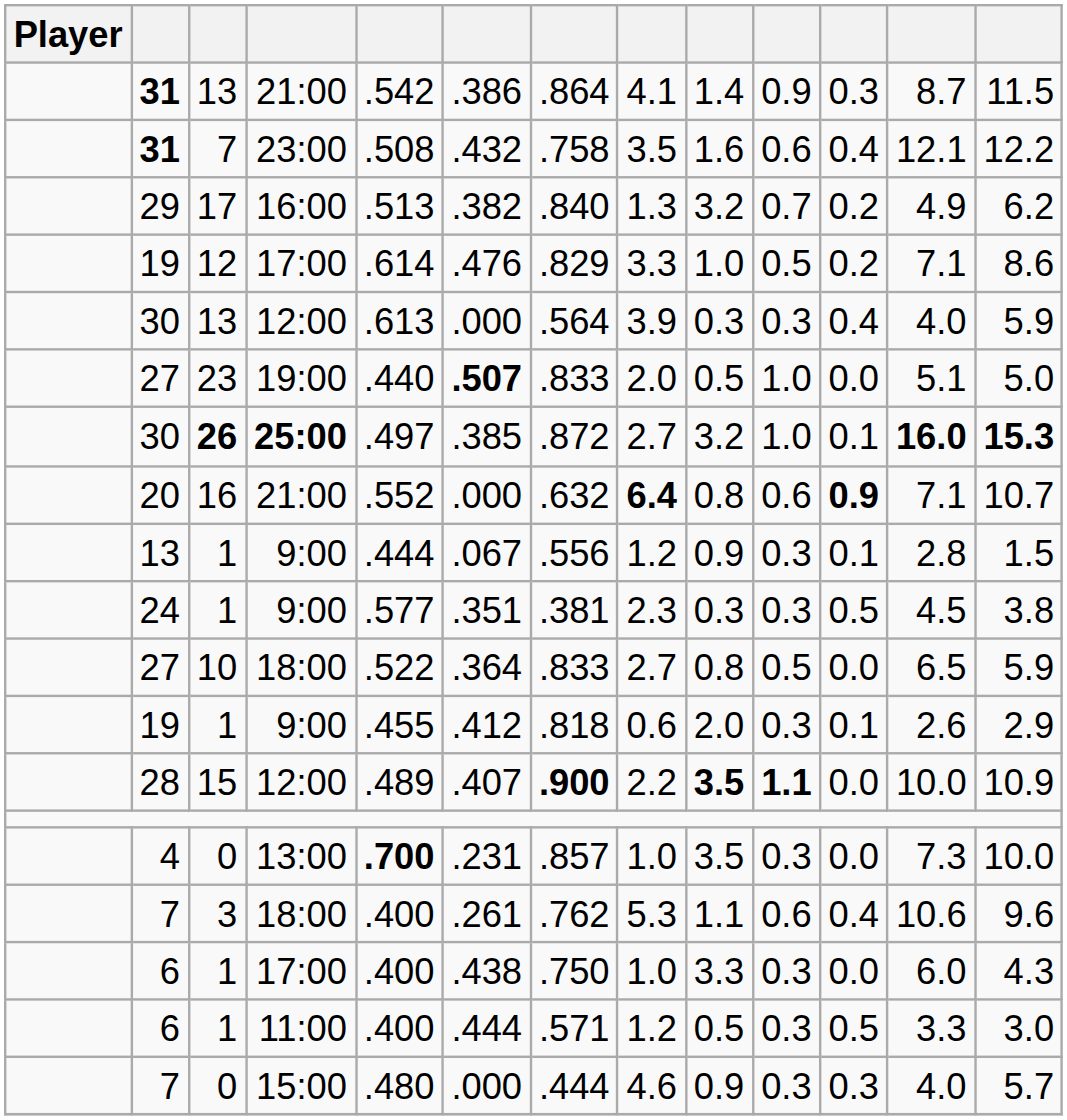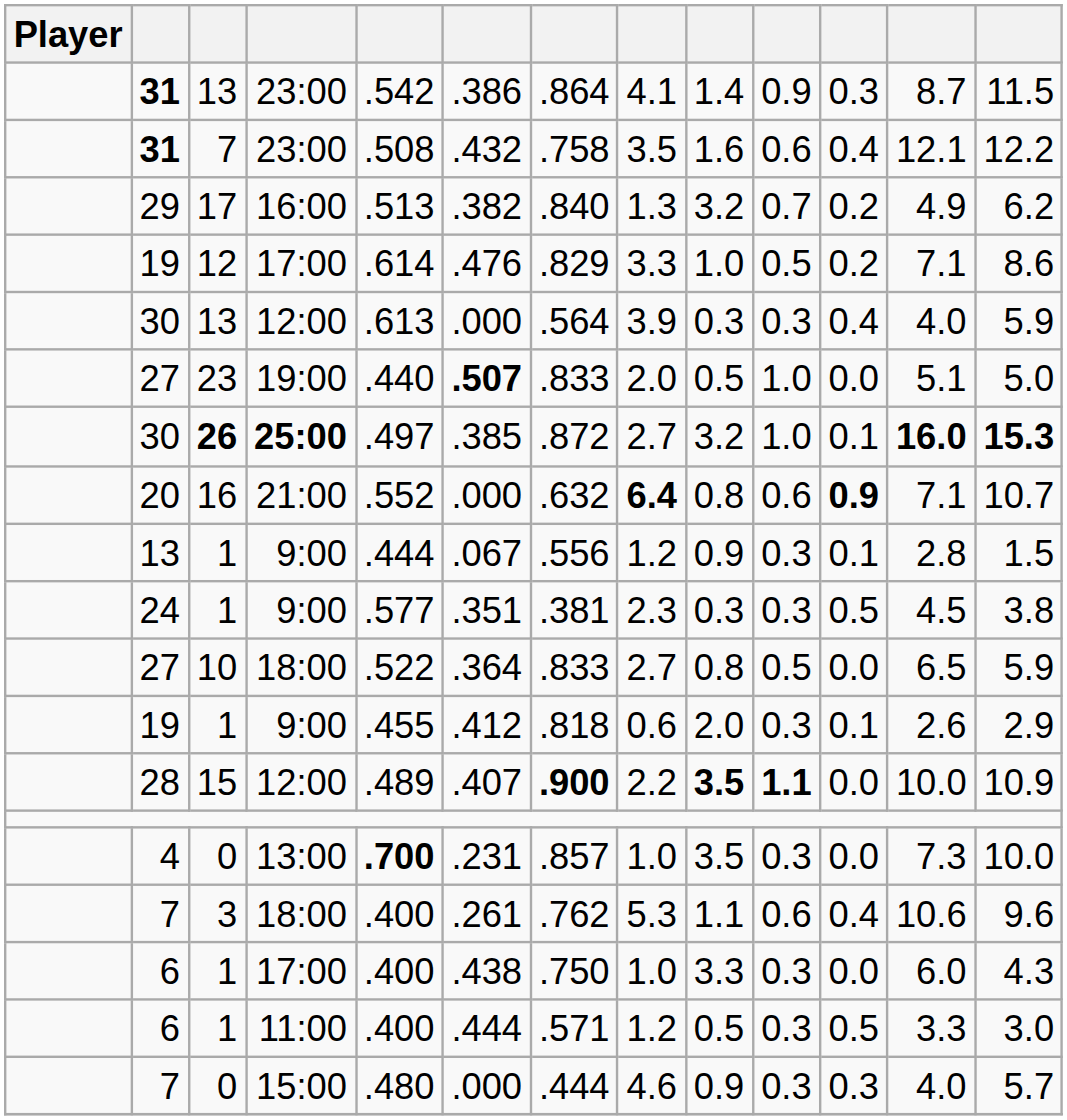 <table class="wikitable sortable" style="font-size:95%; text-align:right;">
 <tr>
 <th>Player</th>
 <th></th>
 <th></th>
 <th></th>
 <th></th>
 <th></th>
 <th></th>
 <th></th>
 <th></th>
 <th></th>
 <th></th>
 <th></th>
 <th></th>
 </tr>
 <tr>
 <td><strong></strong></td>
 <td><strong>31</strong></td>
 <td>13</td>
-<td>21:00</td>
+<td>23:00</td>
 <td>.542</td>
 <td>.386</td>
 <td>.864</td>
 <td>4.1</td>
 <td>1.4</td>
 <td>0.9</td>
 <td>0.3</td>
 <td>8.7</td>
 <td>11.5</td>
 </tr>
 <tr>
 <td><strong></strong></td>
 <td><strong>31</strong></td>
 <td>7</td>
 <td>23:00</td>
 <td>.508</td>
 <td>.432</td>
 <td>.758</td>
 <td>3.5</td>
 <td>1.6</td>
 <td>0.6</td>
 <td>0.4</td>
 <td>12.1</td>
 <td>12.2</td>
 </tr>
 <tr>
 <td><strong></strong></td>
 <td>29</td>
 <td>17</td>
 <td>16:00</td>
 <td>.513</td>
 <td>.382</td>
 <td>.840</td>
 <td>1.3</td>
 <td>3.2</td>
 <td>0.7</td>
 <td>0.2</td>
 <td>4.9</td>
 <td>6.2</td>
 </tr>
 <tr>
 <td><strong></strong></td>
 <td>19</td>
 <td>12</td>
 <td>17:00</td>
 <td>.614</td>
 <td>.476</td>
 <td>.829</td>
 <td>3.3</td>
 <td>1.0</td>
 <td>0.5</td>
 <td>0.2</td>
 <td>7.1</td>
 <td>8.6</td>
 </tr>
 <tr>
 <td><strong></strong></td>
 <td>30</td>
 <td>13</td>
 <td>12:00</td>
 <td>.613</td>
 <td>.000</td>
 <td>.564</td>
 <td>3.9</td>
 <td>0.3</td>
 <td>0.3</td>
 <td>0.4</td>
 <td>4.0</td>
 <td>5.9</td>
 </tr>
 <tr>
 <td><strong></strong></td>
 <td>27</td>
 <td>23</td>
 <td>19:00</td>
 <td>.440</td>
 <td><strong>.507</strong></td>
 <td>.833</td>
 <td>2.0</td>
 <td>0.5</td>
 <td>1.0</td>
 <td>0.0</td>
 <td>5.1</td>
 <td>5.0</td>
 </tr>
 <tr>
 <td><strong></strong></td>
 <td>30</td>
 <td><strong>26</strong></td>
 <td><strong>25:00</strong></td>
 <td>.497</td>
 <td>.385</td>
 <td>.872</td>
 <td>2.7</td>
 <td>3.2</td>
 <td>1.0</td>
 <td>0.1</td>
 <td><strong>16.0</strong></td>
 <td><strong>15.3</strong></td>
 </tr>
 <tr>
 <td><strong></strong></td>
 <td>20</td>
 <td>16</td>
 <td>21:00</td>
 <td>.552</td>
 <td>.000</td>
 <td>.632</td>
 <td><strong>6.4</strong></td>
 <td>0.8</td>
 <td>0.6</td>
 <td><strong>0.9</strong></td>
 <td>7.1</td>
 <td>10.7</td>
 </tr>
 <tr>
 <td><strong></strong></td>
 <td>13</td>
 <td>1</td>
 <td>9:00</td>
 <td>.444</td>
 <td>.067</td>
 <td>.556</td>
 <td>1.2</td>
 <td>0.9</td>
 <td>0.3</td>
 <td>0.1</td>
 <td>2.8</td>
 <td>1.5</td>
 </tr>
 <tr>
 <td><strong></strong></td>
 <td>24</td>
 <td>1</td>
 <td>9:00</td>
 <td>.577</td>
 <td>.351</td>
 <td>.381</td>
 <td>2.3</td>
 <td>0.3</td>
 <td>0.3</td>
 <td>0.5</td>
 <td>4.5</td>
 <td>3.8</td>
 </tr>
 <tr>
 <td><strong></strong></td>
 <td>27</td>
 <td>10</td>
 <td>18:00</td>
 <td>.522</td>
 <td>.364</td>
 <td>.833</td>
 <td>2.7</td>
 <td>0.8</td>
 <td>0.5</td>
 <td>0.0</td>
 <td>6.5</td>
 <td>5.9</td>
 </tr>
 <tr>
 <td><strong></strong></td>
 <td>19</td>
 <td>1</td>
 <td>9:00</td>
 <td>.455</td>
 <td>.412</td>
 <td>.818</td>
 <td>0.6</td>
 <td>2.0</td>
 <td>0.3</td>
 <td>0.1</td>
 <td>2.6</td>
 <td>2.9</td>
 </tr>
 <tr>
 <td><strong></strong></td>
 <td>28</td>
 <td>15</td>
 <td>12:00</td>
 <td>.489</td>
 <td>.407</td>
 <td><strong>.900</strong></td>
 <td>2.2</td>
 <td><strong>3.5</strong></td>
 <td><strong>1.1</strong></td>
 <td>0.0</td>
 <td>10.0</td>
 <td>10.9</td>
 </tr>
 <tr class="sortbottom">
 <td colspan=13></td>
 </tr>
 <tr>
 <td><em></em></td>
 <td>4</td>
 <td>0</td>
 <td>13:00</td>
 <td><strong>.700</strong></td>
 <td>.231</td>
 <td>.857</td>
 <td>1.0</td>
 <td>3.5</td>
 <td>0.3</td>
 <td>0.0</td>
 <td>7.3</td>
 <td>10.0</td>
 </tr>
 <tr>
 <td><em></em></td>
 <td>7</td>
 <td>3</td>
 <td>18:00</td>
 <td>.400</td>
 <td>.261</td>
 <td>.762</td>
 <td>5.3</td>
 <td>1.1</td>
 <td>0.6</td>
 <td>0.4</td>
 <td>10.6</td>
 <td>9.6</td>
 </tr>
 <tr>
 <td><em></em></td>
 <td>6</td>
 <td>1</td>
 <td>17:00</td>
 <td>.400</td>
 <td>.438</td>
 <td>.750</td>
 <td>1.0</td>
 <td>3.3</td>
 <td>0.3</td>
 <td>0.0</td>
 <td>6.0</td>
 <td>4.3</td>
 </tr>
 <tr>
 <td><em></em></td>
 <td>6</td>
 <td>1</td>
 <td>11:00</td>
 <td>.400</td>
 <td>.444</td>
 <td>.571</td>
 <td>1.2</td>
 <td>0.5</td>
 <td>0.3</td>
 <td>0.5</td>
 <td>3.3</td>
 <td>3.0</td>
 </tr>
 <tr>
 <td><em></em></td>
 <td>7</td>
 <td>0</td>
 <td>15:00</td>
 <td>.480</td>
 <td>.000</td>
 <td>.444</td>
 <td>4.6</td>
 <td>0.9</td>
 <td>0.3</td>
 <td>0.3</td>
 <td>4.0</td>
 <td>5.7</td>
 </tr>
 <tr>
 </tr>
 </table>
